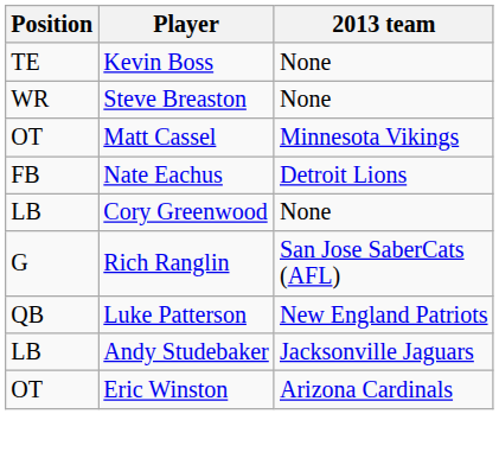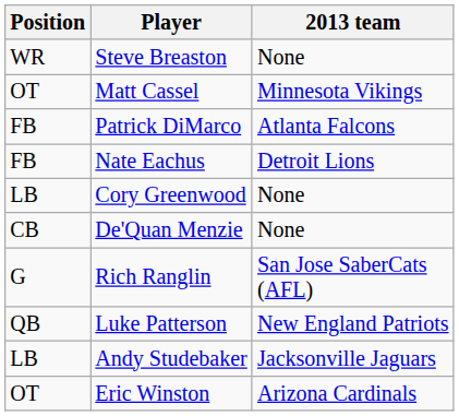 <table class="wikitable sortable">
 <tr>
 <th>Position</th>
 <th>Player</th>
 <th>2013 team</th>
-</tr>
-<tr>
-<td>TE</td>
-<td><a href='#'>Kevin Boss</a></td>
-<td>None</td>
 </tr>
 <tr>
 <td>WR</td>
 <td><a href='#'>Steve Breaston</a></td>
 <td>None</td>
 </tr>
 <tr>
 <td>OT</td>
 <td><a href='#'>Matt Cassel</a></td>
 <td><a href='#'>Minnesota Vikings</a></td>
 </tr>
 <tr>
 <td>FB</td>
+<td><a href='#'>Patrick DiMarco</a></td>
+<td><a href='#'>Atlanta Falcons</a></td>
+</tr>
+<tr>
+<td>FB</td>
 <td><a href='#'>Nate Eachus</a></td>
 <td><a href='#'>Detroit Lions</a></td>
 </tr>
 <tr>
 <td>LB</td>
 <td><a href='#'>Cory Greenwood</a></td>
+<td>None</td>
+</tr>
+<tr>
+<td>CB</td>
+<td><a href='#'>De'Quan Menzie</a></td>
 <td>None</td>
 </tr>
 <tr>
 <td>G</td>
 <td><a href='#'>Rich Ranglin</a></td>
 <td><a href='#'>San Jose SaberCats</a><br>(<a href='#'>AFL</a>)</td>
 </tr>
 <tr>
 <td>QB</td>
 <td><a href='#'>Luke Patterson</a></td>
 <td><a href='#'>New England Patriots</a></td>
 </tr>
 <tr>
 <td>LB</td>
 <td><a href='#'>Andy Studebaker</a></td>
 <td><a href='#'>Jacksonville Jaguars</a></td>
 </tr>
 <tr>
 <td>OT</td>
 <td><a href='#'>Eric Winston</a></td>
 <td><a href='#'>Arizona Cardinals</a></td>
 </tr>
 </table>
